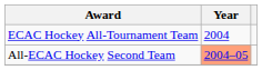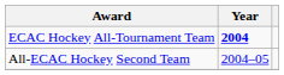 <table class="wikitable">
 <tr>
 <th>Award</th>
 <th>Year</th>
 <th></th>
 </tr>
 <tr>
 <td><a href='#'>ECAC Hockey</a> <a href='#'>All-Tournament Team</a></td>
-<td><a href='#'>2004</a></td>
+<td><strong><a href='#'>2004</a></strong></td>
 <td></td>
 </tr>
 <tr>
 <td>All-<a href='#'>ECAC Hockey</a> <a href='#'>Second Team</a></td>
-<td style="background: lightsalmon;"><a href='#'>2004–05</a></td>
+<td><a href='#'>2004–05</a></td>
 <td></td>
 </tr>
 <tr>
 </tr>
 </table>
